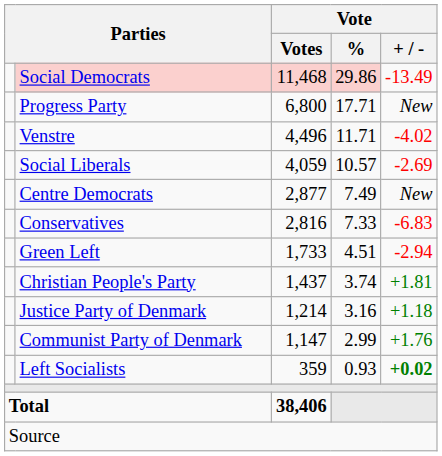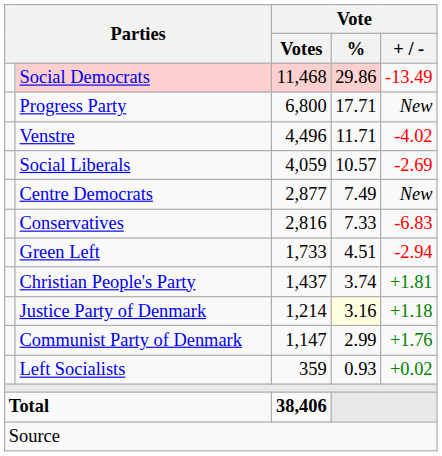 <table class="wikitable" style="text-align:right;">
 <tr>
 <th style="text-align:centre;" rowspan="2" colspan="2" width="225">Parties</th>
 <th colspan="3">Vote</th>
 </tr>
 <tr>
 <th width="15">Votes</th>
 <th width="15">%</th>
 <th width="15">+ / -</th>
 </tr>
 <tr>
 <td width="2" style="color:inherit;background:"></td>
 <td bgcolor=#fbd0ce  align="left"><a href='#'>Social Democrats</a></td>
 <td bgcolor=#fbd0ce>11,468</td>
 <td bgcolor=#fbd0ce>29.86</td>
 <td style=color:red;>-13.49</td>
 </tr>
 <tr>
 <td width="2" style="color:inherit;background:"></td>
 <td align="left"><a href='#'>Progress Party</a></td>
 <td>6,800</td>
 <td>17.71</td>
 <td><em>New</em></td>
 </tr>
 <tr>
 <td width="2" style="color:inherit;background:"></td>
 <td align="left"><a href='#'>Venstre</a></td>
 <td>4,496</td>
 <td>11.71</td>
 <td style=color:red;>-4.02</td>
 </tr>
 <tr>
 <td width="2" style="color:inherit;background:"></td>
 <td align="left"><a href='#'>Social Liberals</a></td>
 <td>4,059</td>
 <td>10.57</td>
 <td style=color:red;>-2.69</td>
 </tr>
 <tr>
 <td width="2" style="color:inherit;background:"></td>
 <td align="left"><a href='#'>Centre Democrats</a></td>
 <td>2,877</td>
 <td>7.49</td>
 <td><em>New</em></td>
 </tr>
 <tr>
 <td width="2" style="color:inherit;background:"></td>
 <td align="left"><a href='#'>Conservatives</a></td>
 <td>2,816</td>
 <td>7.33</td>
 <td style=color:red;>-6.83</td>
 </tr>
 <tr>
 <td width="2" style="color:inherit;background:"></td>
 <td align="left"><a href='#'>Green Left</a></td>
 <td>1,733</td>
 <td>4.51</td>
 <td style=color:red;>-2.94</td>
 </tr>
 <tr>
 <td width="2" style="color:inherit;background:"></td>
 <td align="left"><a href='#'>Christian People's Party</a></td>
 <td>1,437</td>
 <td>3.74</td>
 <td style=color:green;>+1.81</td>
 </tr>
 <tr>
 <td width="2" style="color:inherit;background:"></td>
 <td align="left"><a href='#'>Justice Party of Denmark</a></td>
 <td>1,214</td>
-<td>3.16</td>
+<td style="background: lightyellow;">3.16</td>
 <td style=color:green;>+1.18</td>
 </tr>
 <tr>
 <td width="2" style="color:inherit;background:"></td>
 <td align="left"><a href='#'>Communist Party of Denmark</a></td>
 <td>1,147</td>
 <td>2.99</td>
 <td style=color:green;>+1.76</td>
 </tr>
 <tr>
 <td width="2" style="color:inherit;background:"></td>
 <td align="left"><a href='#'>Left Socialists</a></td>
 <td>359</td>
 <td>0.93</td>
-<td style=color:green;><strong>+0.02</strong></td>
+<td style=color:green;>+0.02</td>
 </tr>
 <tr>
 <td colspan="7" bgcolor="#E9E9E9"></td>
 </tr>
 <tr>
 <td align="left" colspan="2"><strong>Total</strong></td>
 <td><strong>38,406</strong></td>
 <td bgcolor="#E9E9E9" colspan="2"></td>
 </tr>
 <tr>
 <td align="left" colspan="6">Source</td>
 </tr>
 </table>
